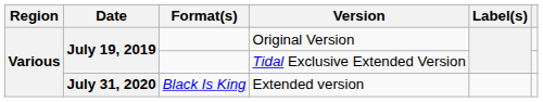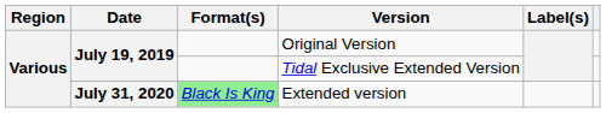 <table class="wikitable plainrowheaders">
 <tr>
 <th scope="col">Region</th>
 <th scope="col">Date</th>
 <th scope="col">Format(s)</th>
 <th scope="col">Version</th>
 <th scope="col">Label(s)</th>
 <th scope="col"></th>
 </tr>
 <tr>
 <th scope="row" rowspan="3">Various</th>
 <th scope="row" rowspan="2">July 19, 2019</th>
 <td></td>
 <td>Original Version</td>
 <th scope="row" rowspan="2"></th>
 <td align="center"></td>
 </tr>
 <tr>
 <td></td>
 <td><em><a href='#'>Tidal</a></em> Exclusive Extended Version</td>
 <td align="center"></td>
 </tr>
 <tr>
 <th scope="row">July 31, 2020</th>
-<td><em><a href='#'>Black Is King</a></em></td>
+<td style="background: lightgreen;"><em><a href='#'>Black Is King</a></em></td>
 <td>Extended version</td>
 <td></td>
 <td align="center"></td>
 </tr>
 </table>
